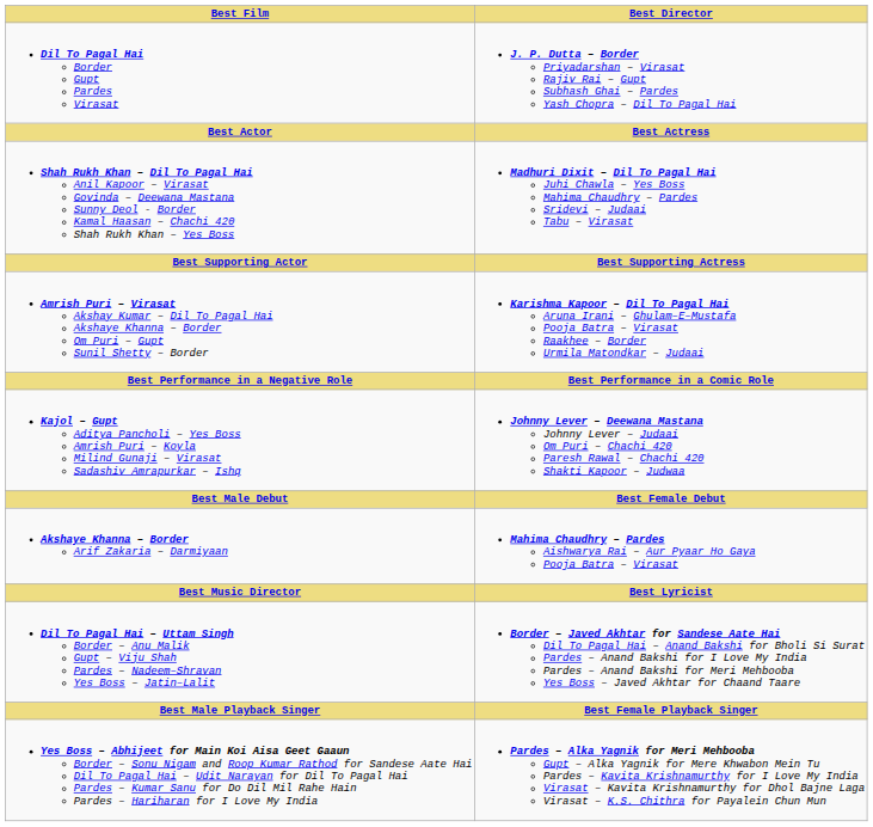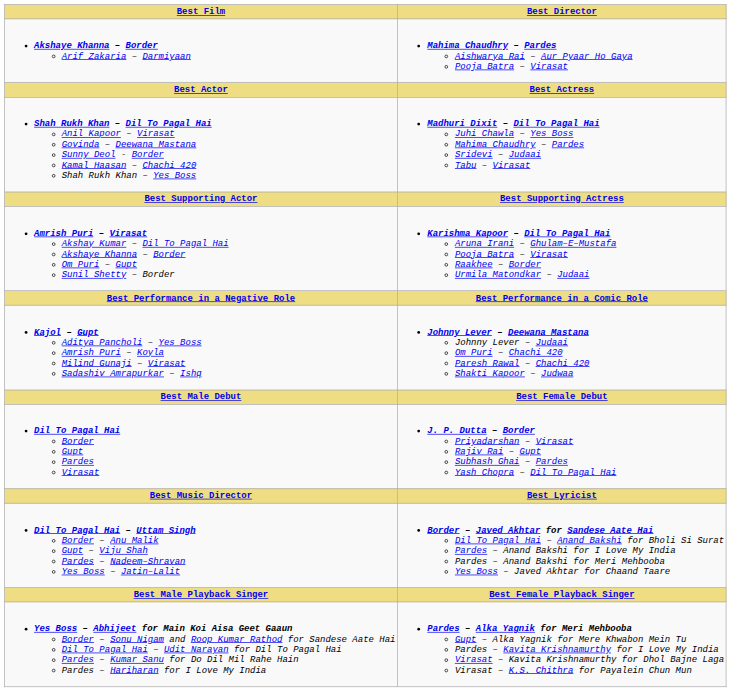 <table class="wikitable">
 <tr>
 <th ! style="background:#EEDD82;text-align:center;"><a href='#'>Best Film</a></th>
 <th ! style="background:#eedd82; text-align:center;"><a href='#'>Best Director</a></th>
 </tr>
 <tr>
-<td valign="top"><br><ul><li><strong> <em><a href='#'>Dil To Pagal Hai</a></em> </strong><ul><li><em><a href='#'>Border</a></em></li><li><em><a href='#'>Gupt</a></em></li><li><em><a href='#'>Pardes</a></em></li><li><em><a href='#'>Virasat</a></em></li></ul></li></ul></td>
-<td valign="top"><br><ul><li><strong> <em><a href='#'>J. P. Dutta</a> – <a href='#'>Border</a></em> </strong><ul><li><em><a href='#'>Priyadarshan</a> – <a href='#'>Virasat</a></em></li><li><em><a href='#'>Rajiv Rai</a> – <a href='#'>Gupt</a></em></li><li><em><a href='#'>Subhash Ghai</a> – <a href='#'>Pardes</a></em></li><li><em><a href='#'>Yash Chopra</a> – <a href='#'>Dil To Pagal Hai</a></em></li></ul></li></ul></td>
+<td valign="top"><br><ul><li><strong> <em><a href='#'>Akshaye Khanna</a> – <a href='#'>Border</a></em> </strong><ul><li><em><a href='#'>Arif Zakaria</a> – <a href='#'>Darmiyaan</a></em></li></ul></li></ul></td>
+<td valign="top"><br><ul><li><strong> <em><a href='#'>Mahima Chaudhry</a> – <a href='#'>Pardes</a></em> </strong><ul><li><em><a href='#'>Aishwarya Rai</a> – <a href='#'>Aur Pyaar Ho Gaya</a></em></li><li><em><a href='#'>Pooja Batra</a> – <a href='#'>Virasat</a></em></li></ul></li></ul></td>
 </tr>
 <tr>
 <th ! style="background:#EEDD82;text-align:center;"><a href='#'>Best Actor</a></th>
 <th ! style="background:#eedd82; text-align:center;"><a href='#'>Best Actress</a></th>
 </tr>
 <tr>
 <td valign="top"><br><ul><li><strong> <em><a href='#'>Shah Rukh Khan</a> – <a href='#'>Dil To Pagal Hai</a></em> </strong><ul><li><em><a href='#'>Anil Kapoor</a> – <a href='#'>Virasat</a></em></li><li><em><a href='#'>Govinda</a> – <a href='#'>Deewana Mastana</a></em></li><li><em><a href='#'>Sunny Deol</a> - <a href='#'>Border</a></em></li><li><em><a href='#'>Kamal Haasan</a> – <a href='#'>Chachi 420</a></em></li><li><em>Shah Rukh Khan – <a href='#'>Yes Boss</a></em></li></ul></li></ul></td>
 <td valign="top"><br><ul><li><strong> <em><a href='#'>Madhuri Dixit</a> – <a href='#'>Dil To Pagal Hai</a></em> </strong><ul><li><em><a href='#'>Juhi Chawla</a> – <a href='#'>Yes Boss</a></em></li><li><em><a href='#'>Mahima Chaudhry</a> – <a href='#'>Pardes</a></em></li><li><em><a href='#'>Sridevi</a> – <a href='#'>Judaai</a></em></li><li><em><a href='#'>Tabu</a> – <a href='#'>Virasat</a></em></li></ul></li></ul></td>
 </tr>
 <tr>
 <th ! style="background:#EEDD82;text-align:center;"><a href='#'>Best Supporting Actor</a></th>
 <th ! style="background:#eedd82; text-align:center;"><a href='#'>Best Supporting Actress</a></th>
 </tr>
 <tr>
 <td valign="top"><br><ul><li><strong> <em><a href='#'>Amrish Puri</a> – <a href='#'>Virasat</a></em> </strong><ul><li><em><a href='#'>Akshay Kumar</a> – <a href='#'>Dil To Pagal Hai</a></em></li><li><em><a href='#'>Akshaye Khanna</a> – <a href='#'>Border</a></em></li><li><em><a href='#'>Om Puri</a> – <a href='#'>Gupt</a></em></li><li><em><a href='#'>Sunil Shetty</a> – Border</em></li></ul></li></ul></td>
 <td valign="top"><br><ul><li><strong> <em><a href='#'>Karishma Kapoor</a> – <a href='#'>Dil To Pagal Hai</a></em> </strong><ul><li><em><a href='#'>Aruna Irani</a> – <a href='#'>Ghulam–E–Mustafa</a></em></li><li><em><a href='#'>Pooja Batra</a> – <a href='#'>Virasat</a></em></li><li><em><a href='#'>Raakhee</a> – <a href='#'>Border</a></em></li><li><em><a href='#'>Urmila Matondkar</a> – <a href='#'>Judaai</a></em></li></ul></li></ul></td>
 </tr>
 <tr>
 <th ! style="background:#EEDD82;text-align:center;"><a href='#'>Best Performance in a Negative Role</a></th>
 <th ! style="background:#eedd82; text-align:center;"><a href='#'>Best Performance in a Comic Role</a></th>
 </tr>
 <tr>
 <td valign="top"><br><ul><li><strong> <em><a href='#'>Kajol</a> – <a href='#'>Gupt</a></em> </strong><ul><li><em><a href='#'>Aditya Pancholi</a> – <a href='#'>Yes Boss</a></em></li><li><em><a href='#'>Amrish Puri</a> – <a href='#'>Koyla</a></em></li><li><em><a href='#'>Milind Gunaji</a> – <a href='#'>Virasat</a></em></li><li><em><a href='#'>Sadashiv Amrapurkar</a> – <a href='#'>Ishq</a></em></li></ul></li></ul></td>
 <td valign="top"><br><ul><li><strong> <em><a href='#'>Johnny Lever</a> – <a href='#'>Deewana Mastana</a></em> </strong><ul><li><em>Johnny Lever – <a href='#'>Judaai</a></em></li><li><em><a href='#'>Om Puri</a> – <a href='#'>Chachi 420</a></em></li><li><em><a href='#'>Paresh Rawal</a> – <a href='#'>Chachi 420</a></em></li><li><em><a href='#'>Shakti Kapoor</a> – <a href='#'>Judwaa</a></em></li></ul></li></ul></td>
 </tr>
 <tr>
 <th ! style="background:#EEDD82;text-align:center;"><a href='#'>Best Male Debut</a></th>
 <th ! style="background:#EEDD82;text-align:center;"><a href='#'>Best Female Debut</a></th>
 </tr>
 <tr>
-<td valign="top"><br><ul><li><strong> <em><a href='#'>Akshaye Khanna</a> – <a href='#'>Border</a></em> </strong><ul><li><em><a href='#'>Arif Zakaria</a> – <a href='#'>Darmiyaan</a></em></li></ul></li></ul></td>
-<td valign="top"><br><ul><li><strong> <em><a href='#'>Mahima Chaudhry</a> – <a href='#'>Pardes</a></em> </strong><ul><li><em><a href='#'>Aishwarya Rai</a> – <a href='#'>Aur Pyaar Ho Gaya</a></em></li><li><em><a href='#'>Pooja Batra</a> – <a href='#'>Virasat</a></em></li></ul></li></ul></td>
+<td valign="top"><br><ul><li><strong> <em><a href='#'>Dil To Pagal Hai</a></em> </strong><ul><li><em><a href='#'>Border</a></em></li><li><em><a href='#'>Gupt</a></em></li><li><em><a href='#'>Pardes</a></em></li><li><em><a href='#'>Virasat</a></em></li></ul></li></ul></td>
+<td valign="top"><br><ul><li><strong> <em><a href='#'>J. P. Dutta</a> – <a href='#'>Border</a></em> </strong><ul><li><em><a href='#'>Priyadarshan</a> – <a href='#'>Virasat</a></em></li><li><em><a href='#'>Rajiv Rai</a> – <a href='#'>Gupt</a></em></li><li><em><a href='#'>Subhash Ghai</a> – <a href='#'>Pardes</a></em></li><li><em><a href='#'>Yash Chopra</a> – <a href='#'>Dil To Pagal Hai</a></em></li></ul></li></ul></td>
 </tr>
 <tr>
 <th ! style="background:#eedd82; text-align:center;"><a href='#'>Best Music Director</a></th>
 <th ! style="background:#eedd82; text-align:center;"><a href='#'>Best Lyricist</a></th>
 </tr>
 <tr>
 <td valign="top"><br><ul><li><strong> <em><a href='#'>Dil To Pagal Hai</a> – <a href='#'>Uttam Singh</a></em> </strong><ul><li><em><a href='#'>Border</a> – <a href='#'>Anu Malik</a></em></li><li><em><a href='#'>Gupt</a> – <a href='#'>Viju Shah</a></em></li><li><em><a href='#'>Pardes</a> – <a href='#'>Nadeem–Shravan</a></em></li><li><em><a href='#'>Yes Boss</a> – <a href='#'>Jatin–Lalit</a></em></li></ul></li></ul></td>
 <td valign="top"><br><ul><li><strong> <em><a href='#'>Border</a> – <a href='#'>Javed Akhtar</a> for <a href='#'>Sandese Aate Hai</a></em> </strong><ul><li><em><a href='#'>Dil To Pagal Hai</a> – <a href='#'>Anand Bakshi</a> for Bholi Si Surat</em></li><li><em><a href='#'>Pardes</a> – Anand Bakshi for I Love My India</em></li><li><em>Pardes – Anand Bakshi for Meri Mehbooba</em></li><li><em><a href='#'>Yes Boss</a> – Javed Akhtar for Chaand Taare</em></li></ul></li></ul></td>
 </tr>
 <tr>
 <th ! style="background:#eedd82; text-align:center;"><a href='#'>Best Male Playback Singer</a></th>
 <th ! style="background:#eedd82; text-align:center;"><a href='#'>Best Female Playback Singer</a></th>
 </tr>
 <tr>
 <td valign="top"><br><ul><li><strong> <em><a href='#'>Yes Boss</a> – <a href='#'>Abhijeet</a> for Main Koi Aisa Geet Gaaun</em> </strong><ul><li><em><a href='#'>Border</a> – <a href='#'>Sonu Nigam</a> and <a href='#'>Roop Kumar Rathod</a> for Sandese Aate Hai</em></li><li><em><a href='#'>Dil To Pagal Hai</a> – <a href='#'>Udit Narayan</a> for Dil To Pagal Hai</em></li><li><em><a href='#'>Pardes</a> – <a href='#'>Kumar Sanu</a> for Do Dil Mil Rahe Hain</em></li><li><em>Pardes – <a href='#'>Hariharan</a> for I Love My India</em></li></ul></li></ul></td>
 <td valign="top"><br><ul><li><strong> <em><a href='#'>Pardes</a> – <a href='#'>Alka Yagnik</a> for Meri Mehbooba</em> </strong><ul><li><em><a href='#'>Gupt</a> – Alka Yagnik for Mere Khwabon Mein Tu</em></li><li><em>Pardes – <a href='#'>Kavita Krishnamurthy</a> for I Love My India</em></li><li><em><a href='#'>Virasat</a> – Kavita Krishnamurthy for Dhol Bajne Laga</em></li><li><em>Virasat – <a href='#'>K.S. Chithra</a> for Payalein Chun Mun</em></li></ul></li></ul></td>
 </tr>
 </table>
